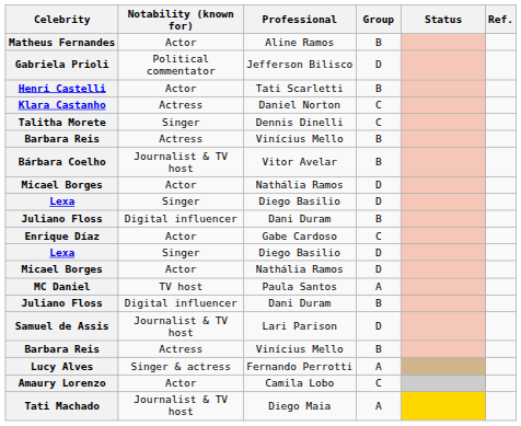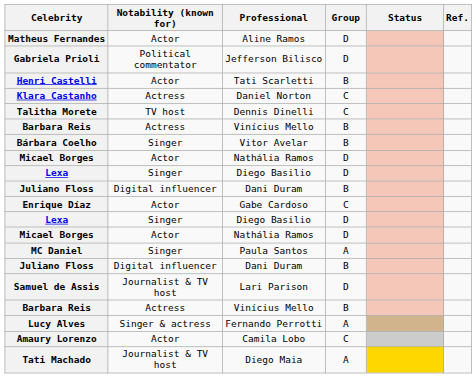 <table class= "wikitable sortable" style="text-align: center; margin:auto; align: center">
 <tr>
 <th width=135>Celebrity</th>
 <th width=150>Notability (known for)</th>
 <th width=135>Professional</th>
 <th width=050>Group</th>
 <th width=100>Status</th>
 <th width=015>Ref.</th>
 </tr>
 <tr>
 <th>Matheus Fernandes</th>
 <td>Actor</td>
 <td>Aline Ramos</td>
-<td>B</td>
+<td>D</td>
 <td bgcolor=F4C7B8></td>
 <td></td>
 </tr>
 <tr>
 <th>Gabriela Prioli</th>
 <td>Political commentator</td>
 <td>Jefferson Bilisco</td>
 <td>D</td>
 <td bgcolor=F4C7B8></td>
 <td></td>
 </tr>
 <tr>
 <th><a href='#'>Henri Castelli</a></th>
 <td>Actor</td>
 <td>Tati Scarletti</td>
 <td>B</td>
 <td bgcolor=F4C7B8></td>
 <td><br></td>
 </tr>
 <tr>
 <th><a href='#'>Klara Castanho</a></th>
 <td>Actress</td>
 <td>Daniel Norton</td>
 <td>C</td>
 <td bgcolor=F4C7B8></td>
 <td><br></td>
 </tr>
 <tr>
 <th>Talitha Morete</th>
-<td>Singer</td>
+<td>TV host</td>
 <td>Dennis Dinelli</td>
 <td>C</td>
 <td bgcolor=F4C7B8></td>
 <td><br></td>
 </tr>
 <tr>
 <th>Barbara Reis<br></th>
 <td>Actress</td>
 <td>Vinícius Mello</td>
 <td>B</td>
 <td bgcolor=F4C7B8></td>
 <td></td>
 </tr>
 <tr>
 <th>Bárbara Coelho</th>
-<td>Journalist & TV host</td>
+<td>Singer</td>
 <td>Vitor Avelar</td>
 <td>B</td>
 <td bgcolor=F4C7B8></td>
 <td><br></td>
 </tr>
 <tr>
 <th>Micael Borges<br></th>
 <td>Actor</td>
 <td>Nathália Ramos</td>
 <td>D</td>
 <td bgcolor=F4C7B8></td>
 <td></td>
 </tr>
 <tr>
 <th><a href='#'>Lexa</a><br></th>
 <td>Singer</td>
 <td>Diego Basilio</td>
 <td>D</td>
 <td bgcolor=F4C7B8></td>
 <td></td>
 </tr>
 <tr>
 <th>Juliano Floss<br></th>
 <td>Digital influencer</td>
 <td>Dani Duram</td>
 <td>B</td>
 <td bgcolor=F4C7B8></td>
 <td></td>
 </tr>
 <tr>
 <th>Enrique Díaz</th>
 <td>Actor</td>
 <td>Gabe Cardoso</td>
 <td>C</td>
 <td bgcolor=F4C7B8></td>
 <td></td>
 </tr>
 <tr>
 <th><a href='#'>Lexa</a></th>
 <td>Singer</td>
 <td>Diego Basilio</td>
 <td>D</td>
 <td bgcolor=F4C7B8></td>
 <td></td>
 </tr>
 <tr>
 <th>Micael Borges</th>
 <td>Actor</td>
 <td>Nathália Ramos</td>
 <td>D</td>
 <td bgcolor=F4C7B8></td>
 <td></td>
 </tr>
 <tr>
 <th>MC Daniel</th>
-<td>TV host</td>
+<td>Singer</td>
 <td>Paula Santos</td>
 <td>A</td>
 <td bgcolor=F4C7B8></td>
 <td></td>
 </tr>
 <tr>
 <th>Juliano Floss</th>
 <td>Digital influencer</td>
 <td>Dani Duram</td>
 <td>B</td>
 <td bgcolor=F4C7B8></td>
 <td></td>
 </tr>
 <tr>
 <th>Samuel de Assis</th>
 <td>Journalist & TV host</td>
 <td>Lari Parison</td>
 <td>D</td>
 <td bgcolor=F4C7B8></td>
 <td></td>
 </tr>
 <tr>
 <th>Barbara Reis</th>
 <td>Actress</td>
 <td>Vinícius Mello</td>
 <td>B</td>
 <td bgcolor=F4C7B8></td>
 <td></td>
 </tr>
 <tr>
 <th>Lucy Alves</th>
 <td>Singer & actress</td>
 <td>Fernando Perrotti</td>
 <td>A</td>
 <td bgcolor=D2B48C></td>
 <td></td>
 </tr>
 <tr>
 <th>Amaury Lorenzo</th>
 <td>Actor</td>
 <td>Camila Lobo</td>
 <td>C</td>
 <td bgcolor=CCCCCC></td>
 <td></td>
 </tr>
 <tr>
 <th>Tati Machado</th>
 <td>Journalist & TV host</td>
 <td>Diego Maia</td>
 <td>A</td>
 <td bgcolor=FFD700></td>
 <td></td>
 </tr>
 </table>
